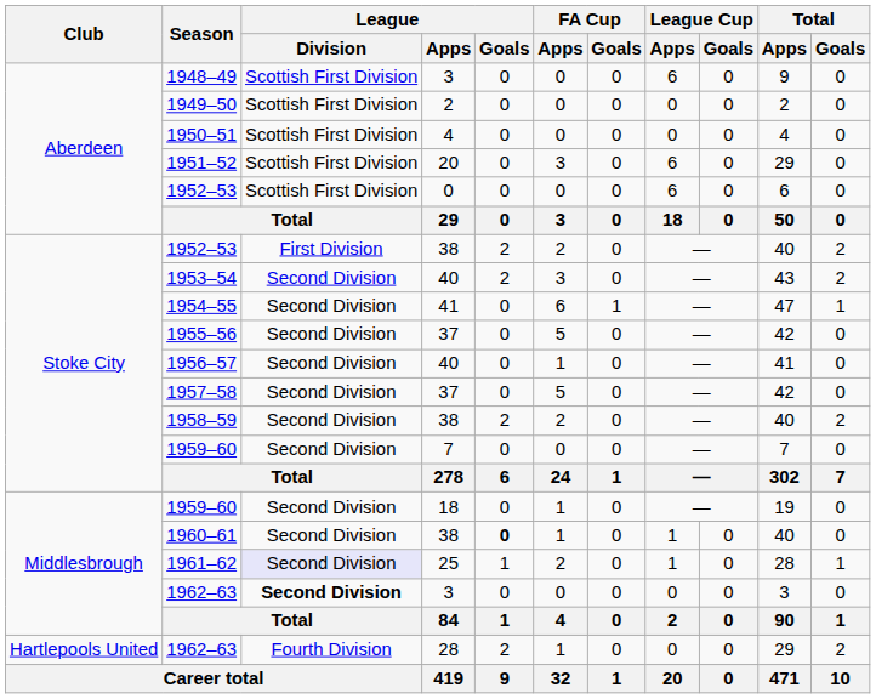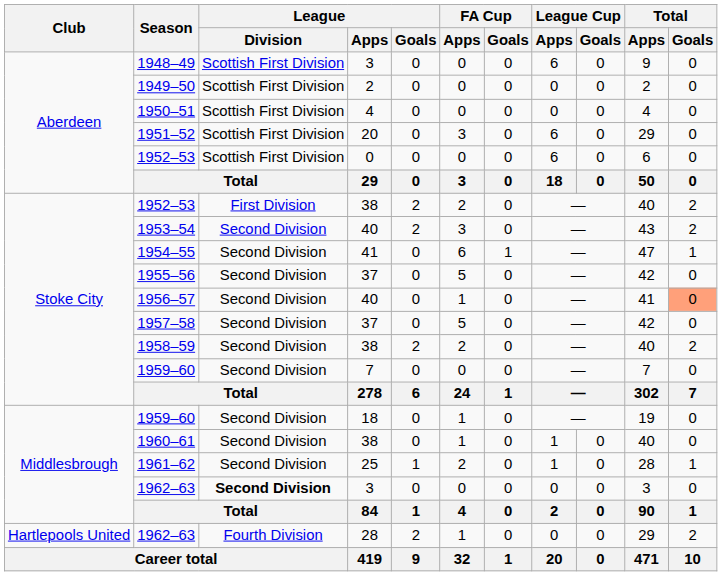 <table class="wikitable" style="text-align: center;">
 <tr>
 <th rowspan="2">Club</th>
 <th rowspan="2">Season</th>
 <th colspan="3">League</th>
 <th colspan="2">FA Cup</th>
 <th colspan="2">League Cup</th>
 <th colspan="2">Total</th>
 </tr>
 <tr>
 <th>Division</th>
 <th>Apps</th>
 <th>Goals</th>
 <th>Apps</th>
 <th>Goals</th>
 <th>Apps</th>
 <th>Goals</th>
 <th>Apps</th>
 <th>Goals</th>
 </tr>
 <tr>
 <td rowspan="6"><a href='#'>Aberdeen</a></td>
 <td><a href='#'>1948–49</a></td>
 <td><a href='#'>Scottish First Division</a></td>
 <td>3</td>
 <td>0</td>
 <td>0</td>
 <td>0</td>
 <td>6</td>
 <td>0</td>
 <td>9</td>
 <td>0</td>
 </tr>
 <tr>
 <td><a href='#'>1949–50</a></td>
 <td>Scottish First Division</td>
 <td>2</td>
 <td>0</td>
 <td>0</td>
 <td>0</td>
 <td>0</td>
 <td>0</td>
 <td>2</td>
 <td>0</td>
 </tr>
 <tr>
 <td><a href='#'>1950–51</a></td>
 <td>Scottish First Division</td>
 <td>4</td>
 <td>0</td>
 <td>0</td>
 <td>0</td>
 <td>0</td>
 <td>0</td>
 <td>4</td>
 <td>0</td>
 </tr>
 <tr>
 <td><a href='#'>1951–52</a></td>
 <td>Scottish First Division</td>
 <td>20</td>
 <td>0</td>
 <td>3</td>
 <td>0</td>
 <td>6</td>
 <td>0</td>
 <td>29</td>
 <td>0</td>
 </tr>
 <tr>
 <td><a href='#'>1952–53</a></td>
 <td>Scottish First Division</td>
 <td>0</td>
 <td>0</td>
 <td>0</td>
 <td>0</td>
 <td>6</td>
 <td>0</td>
 <td>6</td>
 <td>0</td>
 </tr>
 <tr>
 <th colspan="2">Total</th>
 <th>29</th>
 <th>0</th>
 <th>3</th>
 <th>0</th>
 <th>18</th>
 <th>0</th>
 <th>50</th>
 <th>0</th>
 </tr>
 <tr>
 <td rowspan="9"><a href='#'>Stoke City</a></td>
 <td><a href='#'>1952–53</a></td>
 <td><a href='#'>First Division</a></td>
 <td>38</td>
 <td>2</td>
 <td>2</td>
 <td>0</td>
 <td colspan="2">—</td>
 <td>40</td>
 <td>2</td>
 </tr>
 <tr>
 <td><a href='#'>1953–54</a></td>
 <td><a href='#'>Second Division</a></td>
 <td>40</td>
 <td>2</td>
 <td>3</td>
 <td>0</td>
 <td colspan="2">—</td>
 <td>43</td>
 <td>2</td>
 </tr>
 <tr>
 <td><a href='#'>1954–55</a></td>
 <td>Second Division</td>
 <td>41</td>
 <td>0</td>
 <td>6</td>
 <td>1</td>
 <td colspan="2">—</td>
 <td>47</td>
 <td>1</td>
 </tr>
 <tr>
 <td><a href='#'>1955–56</a></td>
 <td>Second Division</td>
 <td>37</td>
 <td>0</td>
 <td>5</td>
 <td>0</td>
 <td colspan="2">—</td>
 <td>42</td>
 <td>0</td>
 </tr>
 <tr>
 <td><a href='#'>1956–57</a></td>
 <td>Second Division</td>
 <td>40</td>
 <td>0</td>
 <td>1</td>
 <td>0</td>
 <td colspan="2">—</td>
 <td>41</td>
-<td>0</td>
+<td style="background: lightsalmon;">0</td>
 </tr>
 <tr>
 <td><a href='#'>1957–58</a></td>
 <td>Second Division</td>
 <td>37</td>
 <td>0</td>
 <td>5</td>
 <td>0</td>
 <td colspan="2">—</td>
 <td>42</td>
 <td>0</td>
 </tr>
 <tr>
 <td><a href='#'>1958–59</a></td>
 <td>Second Division</td>
 <td>38</td>
 <td>2</td>
 <td>2</td>
 <td>0</td>
 <td colspan="2">—</td>
 <td>40</td>
 <td>2</td>
 </tr>
 <tr>
 <td><a href='#'>1959–60</a></td>
 <td>Second Division</td>
 <td>7</td>
 <td>0</td>
 <td>0</td>
 <td>0</td>
 <td colspan="2">—</td>
 <td>7</td>
 <td>0</td>
 </tr>
 <tr>
 <th colspan="2">Total</th>
 <th>278</th>
 <th>6</th>
 <th>24</th>
 <th>1</th>
 <th colspan="2">—</th>
 <th>302</th>
 <th>7</th>
 </tr>
 <tr>
 <td rowspan="5"><a href='#'>Middlesbrough</a></td>
 <td><a href='#'>1959–60</a></td>
 <td>Second Division</td>
 <td>18</td>
 <td>0</td>
 <td>1</td>
 <td>0</td>
 <td colspan="2">—</td>
 <td>19</td>
 <td>0</td>
 </tr>
 <tr>
 <td><a href='#'>1960–61</a></td>
 <td>Second Division</td>
 <td>38</td>
-<td><strong>0</strong></td>
+<td>0</td>
 <td>1</td>
 <td>0</td>
 <td>1</td>
 <td>0</td>
 <td>40</td>
 <td>0</td>
 </tr>
 <tr>
 <td><a href='#'>1961–62</a></td>
-<td style="background: lavender;">Second Division</td>
+<td>Second Division</td>
 <td>25</td>
 <td>1</td>
 <td>2</td>
 <td>0</td>
 <td>1</td>
 <td>0</td>
 <td>28</td>
 <td>1</td>
 </tr>
 <tr>
 <td><a href='#'>1962–63</a></td>
 <td><strong>Second Division</strong></td>
 <td>3</td>
 <td>0</td>
 <td>0</td>
 <td>0</td>
 <td>0</td>
 <td>0</td>
 <td>3</td>
 <td>0</td>
 </tr>
 <tr>
 <th colspan="2">Total</th>
 <th>84</th>
 <th>1</th>
 <th>4</th>
 <th>0</th>
 <th>2</th>
 <th>0</th>
 <th>90</th>
 <th>1</th>
 </tr>
 <tr>
 <td><a href='#'>Hartlepools United</a></td>
 <td><a href='#'>1962–63</a></td>
 <td><a href='#'>Fourth Division</a></td>
 <td>28</td>
 <td>2</td>
 <td>1</td>
 <td>0</td>
 <td>0</td>
 <td>0</td>
 <td>29</td>
 <td>2</td>
 </tr>
 <tr>
 <th colspan="3">Career total</th>
 <th>419</th>
 <th>9</th>
 <th>32</th>
 <th>1</th>
 <th>20</th>
 <th>0</th>
 <th>471</th>
 <th>10</th>
 </tr>
 </table>
